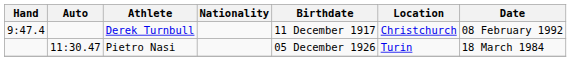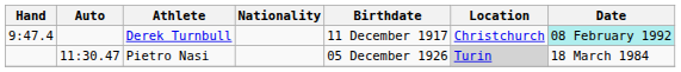 <table class="wikitable">
 <tr>
 <th>Hand</th>
 <th>Auto</th>
 <th>Athlete</th>
 <th>Nationality</th>
 <th>Birthdate</th>
 <th>Location</th>
 <th>Date</th>
 </tr>
 <tr>
 <td>9:47.4</td>
 <td></td>
 <td><a href='#'>Derek Turnbull</a></td>
 <td></td>
 <td>11 December 1917</td>
 <td><a href='#'>Christchurch</a></td>
-<td>08 February 1992</td>
+<td style="background: paleturquoise;">08 February 1992</td>
 </tr>
 <tr>
 <td></td>
 <td>11:30.47</td>
 <td>Pietro Nasi</td>
 <td></td>
 <td>05 December 1926</td>
-<td><a href='#'>Turin</a></td>
+<td style="background: lightgrey;"><a href='#'>Turin</a></td>
 <td>18 March 1984</td>
 </tr>
 <tr ->
 </tr>
 </table>
